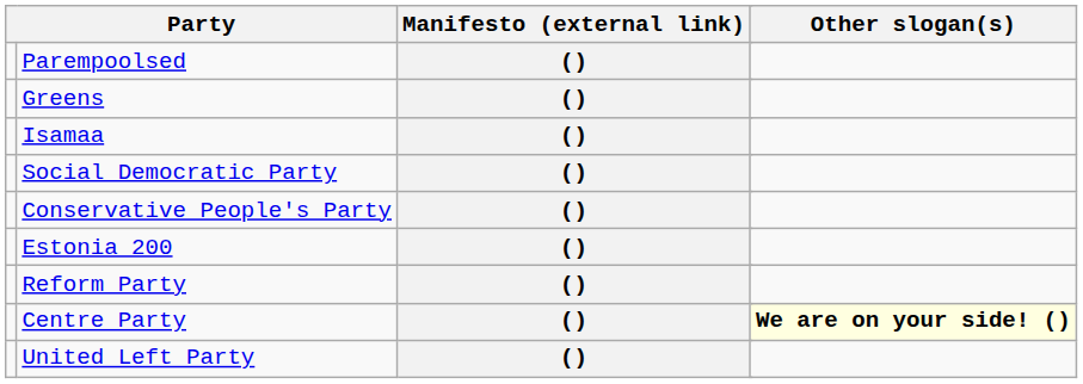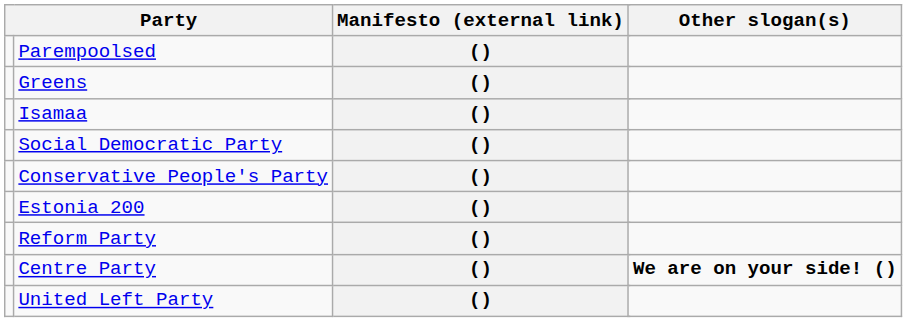 <table class="wikitable sortable">
 <tr>
 <th colspan=2 class="unsortable">Party</th>
 <th colspan=2 class="unsortable">Manifesto (external link)</th>
 <th class="unsortable">Other slogan(s)</th>
 </tr>
 <tr>
 <td style="background:"></td>
 <td><a href='#'>Parempoolsed</a></td>
 <th colspan=2><em></em> ()</th>
 <td></td>
 </tr>
 <tr>
 <td style="background:"></td>
 <td><a href='#'>Greens</a></td>
 <th colspan=2><em></em> ()</th>
 <td></td>
 </tr>
 <tr>
 <td style="background:"></td>
 <td><a href='#'>Isamaa</a></td>
 <th colspan=2><em></em> ()</th>
 <td></td>
 </tr>
 <tr>
 <td style="background:"></td>
 <td><a href='#'>Social Democratic Party</a></td>
 <th colspan=2><em></em> ()</th>
 <td></td>
 </tr>
 <tr>
 <td style="background:"></td>
 <td><a href='#'>Conservative People's Party</a></td>
 <th colspan=2><em></em> ()</th>
 <td></td>
 </tr>
 <tr>
 <td style="background:"></td>
 <td><a href='#'>Estonia 200</a></td>
 <th colspan=2><em></em> ()</th>
 <td></td>
 </tr>
 <tr>
 <td style="background:"></td>
 <td><a href='#'>Reform Party</a></td>
 <th colspan=2><em></em> ()</th>
 <td></td>
 </tr>
 <tr>
 <td style="background:"></td>
 <td><a href='#'>Centre Party</a></td>
 <th colspan=2><em></em> ()</th>
-<td style="background: lightyellow;"><strong>We are on your side! ()</strong></td>
+<td><strong>We are on your side! ()</strong></td>
 </tr>
 <tr>
 <td style="background:"></td>
 <td><a href='#'>United Left Party</a></td>
 <th colspan=2><em></em> ()</th>
 <td></td>
 </tr>
 </table>
